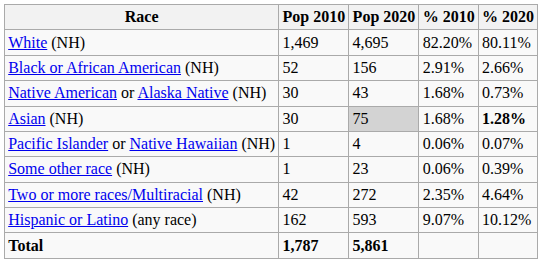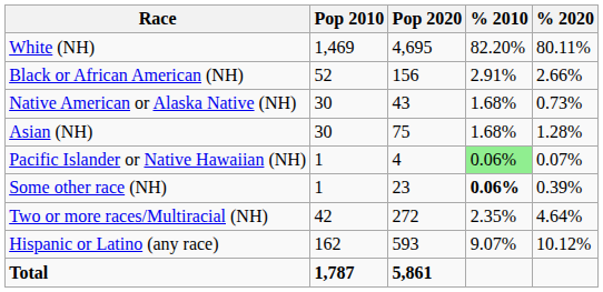 <table class="wikitable">
 <tr>
 <th>Race</th>
 <th>Pop 2010</th>
 <th>Pop 2020</th>
 <th>% 2010</th>
 <th>% 2020</th>
 </tr>
 <tr>
 <td><a href='#'>White</a> (NH)</td>
 <td>1,469</td>
 <td>4,695</td>
 <td>82.20%</td>
 <td>80.11%</td>
 </tr>
 <tr>
 <td><a href='#'>Black or African American</a> (NH)</td>
 <td>52</td>
 <td>156</td>
 <td>2.91%</td>
 <td>2.66%</td>
 </tr>
 <tr>
 <td><a href='#'>Native American</a> or <a href='#'>Alaska Native</a> (NH)</td>
 <td>30</td>
 <td>43</td>
 <td>1.68%</td>
 <td>0.73%</td>
 </tr>
 <tr>
 <td><a href='#'>Asian</a> (NH)</td>
 <td>30</td>
-<td style="background: lightgrey;">75</td>
+<td>75</td>
 <td>1.68%</td>
-<td><strong>1.28%</strong></td>
+<td>1.28%</td>
 </tr>
 <tr>
 <td><a href='#'>Pacific Islander</a> or <a href='#'>Native Hawaiian</a> (NH)</td>
 <td>1</td>
 <td>4</td>
-<td>0.06%</td>
+<td style="background: lightgreen;">0.06%</td>
 <td>0.07%</td>
 </tr>
 <tr>
 <td><a href='#'>Some other race</a> (NH)</td>
 <td>1</td>
 <td>23</td>
-<td>0.06%</td>
+<td><strong>0.06%</strong></td>
 <td>0.39%</td>
 </tr>
 <tr>
 <td><a href='#'>Two or more races/Multiracial</a> (NH)</td>
 <td>42</td>
 <td>272</td>
 <td>2.35%</td>
 <td>4.64%</td>
 </tr>
 <tr>
 <td><a href='#'>Hispanic or Latino</a> (any race)</td>
 <td>162</td>
 <td>593</td>
 <td>9.07%</td>
 <td>10.12%</td>
 </tr>
 <tr>
 <td><strong>Total</strong></td>
 <td><strong>1,787</strong></td>
 <td><strong>5,861</strong></td>
 <td></td>
 <td></td>
 </tr>
 <tr>
 </tr>
 </table>
